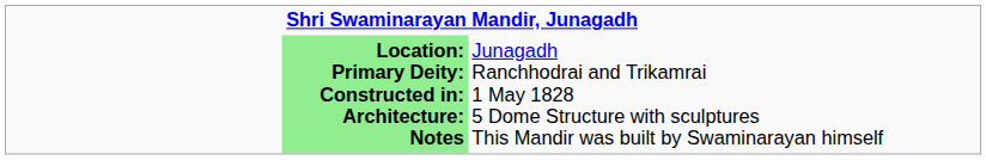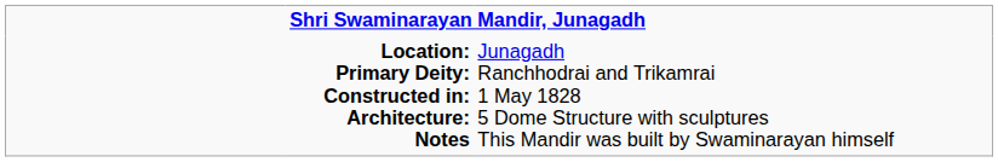 <table class="wikitable plain" border="0" width="800">
 <tr>
 <td width="220px" rowspan="2" style="border:none;"></td>
 <td valign="top" colspan=2 style="border:none;"><strong><a href='#'>Shri Swaminarayan Mandir, Junagadh</a></strong></td>
 </tr>
 <tr>
-<td valign="top" style="background: lightgreen; text-align:right; border:none;"><strong>Location:</strong> <br><strong>Primary Deity:</strong><br><strong>Constructed in:</strong><br><strong>Architecture:</strong><br><strong>Notes</strong></td>
+<td valign="top" style="text-align:right; border:none;"><strong>Location:</strong> <br><strong>Primary Deity:</strong><br><strong>Constructed in:</strong><br><strong>Architecture:</strong><br><strong>Notes</strong></td>
 <td valign="top" style="border:none;"><a href='#'>Junagadh</a><br>Ranchhodrai and Trikamrai <br>1 May 1828 <br>5 Dome Structure with sculptures<br>This Mandir was built by Swaminarayan himself</td>
 </tr>
 </table>
